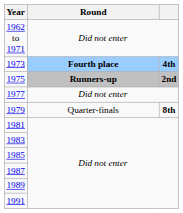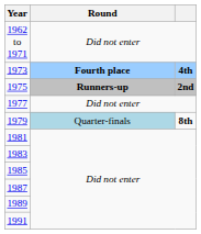 <table class="wikitable" style="text-align: center; font-size:90%">
 <tr>
 <th>Year</th>
 <th style="width:200px">Round</th>
 <th></th>
 </tr>
 <tr>
 <td><a href='#'>1962</a><br>to<br><a href='#'>1971</a></td>
 <td colspan="2"><em>Did not enter</em></td>
 </tr>
 <tr>
 <td><a href='#'>1973</a></td>
 <td bgcolor="9acdff"><strong>Fourth place</strong></td>
 <td bgcolor="9acdff"><strong>4th</strong></td>
 </tr>
 <tr>
 <td><a href='#'>1975</a></td>
 <td bgcolor=Silver><strong>Runners-up</strong></td>
 <td bgcolor=Silver><strong>2nd</strong></td>
 </tr>
 <tr>
 <td><a href='#'>1977</a></td>
 <td colspan="2"><em>Did not enter</em></td>
 </tr>
 <tr>
 <td><a href='#'>1979</a></td>
-<td>Quarter-finals</td>
+<td style="background: lightblue;">Quarter-finals</td>
 <td><strong>8th</strong></td>
 </tr>
 <tr>
 <td><a href='#'>1981</a></td>
 <td colspan="2" rowspan="6"><em>Did not enter</em></td>
 </tr>
 <tr>
 <td><a href='#'>1983</a></td>
 </tr>
 <tr>
 <td><a href='#'>1985</a></td>
 </tr>
 <tr>
 <td><a href='#'>1987</a></td>
 </tr>
 <tr>
 <td><a href='#'>1989</a></td>
 </tr>
 <tr>
 <td><a href='#'>1991</a></td>
 </tr>
 </table>
